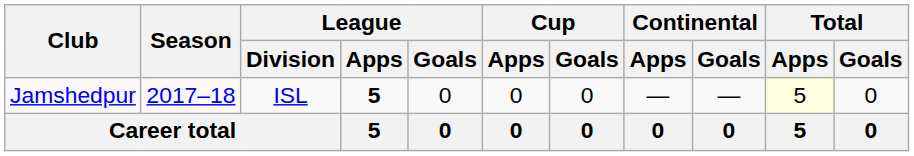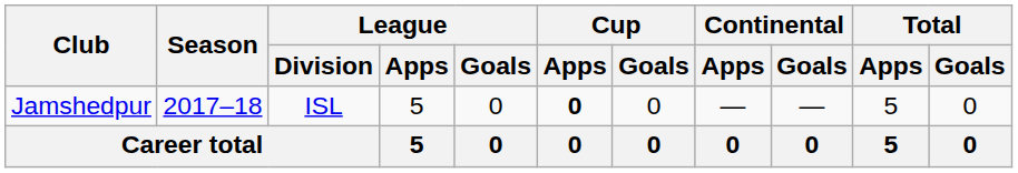 <table class="wikitable" style="text-align: center;">
 <tr>
 <th rowspan="2">Club</th>
 <th rowspan="2">Season</th>
 <th colspan="3">League</th>
 <th colspan="2">Cup</th>
 <th colspan="2">Continental</th>
 <th colspan="2">Total</th>
 </tr>
 <tr>
 <th>Division</th>
 <th>Apps</th>
 <th>Goals</th>
 <th>Apps</th>
 <th>Goals</th>
 <th>Apps</th>
 <th>Goals</th>
 <th>Apps</th>
 <th>Goals</th>
 </tr>
 <tr>
 <td rowspan="1"><a href='#'>Jamshedpur</a></td>
 <td><a href='#'>2017–18</a></td>
 <td><a href='#'>ISL</a></td>
-<td><strong>5</strong></td>
+<td>5</td>
 <td>0</td>
-<td>0</td>
+<td><strong>0</strong></td>
 <td>0</td>
 <td>—</td>
 <td>—</td>
-<td style="background: lightyellow;">5</td>
+<td>5</td>
 <td>0</td>
 </tr>
 <tr>
 <th colspan="3">Career total</th>
 <th>5</th>
 <th>0</th>
 <th>0</th>
 <th>0</th>
 <th>0</th>
 <th>0</th>
 <th>5</th>
 <th>0</th>
 </tr>
 </table>
